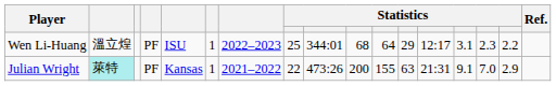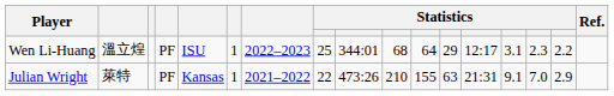 <table class="wikitable sortable" style="font-size:95%; text-align:right;">
 <tr>
 <th rowspan="2">Player</th>
 <th rowspan="2"></th>
 <th rowspan="2"></th>
 <th rowspan="2"></th>
 <th rowspan="2"></th>
 <th rowspan="2"></th>
 <th rowspan="2"></th>
 <th colspan="9">Statistics</th>
 <th rowspan="2">Ref.</th>
 </tr>
 <tr>
 <th></th>
 <th></th>
 <th></th>
 <th></th>
 <th></th>
 <th></th>
 <th></th>
 <th></th>
 <th></th>
 </tr>
 <tr>
 <td align="left">Wen Li-Huang</td>
 <td align="left">溫立煌</td>
 <td align="center"></td>
 <td align="center">PF</td>
 <td align="left"><a href='#'>ISU</a></td>
 <td align="center">1</td>
 <td align="center"><a href='#'>2022–2023</a></td>
 <td>25</td>
 <td>344:01</td>
 <td>68</td>
 <td>64</td>
 <td>29</td>
 <td>12:17</td>
 <td>3.1</td>
 <td>2.3</td>
 <td>2.2</td>
 <td align="center"></td>
 </tr>
 <tr>
 <td align="left"><a href='#'>Julian Wright</a></td>
-<td align="left" style="background: paleturquoise;">萊特</td>
+<td align="left">萊特</td>
 <td align="center"></td>
 <td align="center">PF</td>
 <td align="left"><a href='#'>Kansas</a></td>
 <td align="center">1</td>
 <td align="center"><a href='#'>2021–2022</a></td>
 <td>22</td>
 <td>473:26</td>
-<td>200</td>
+<td>210</td>
 <td>155</td>
 <td>63</td>
 <td>21:31</td>
 <td>9.1</td>
 <td>7.0</td>
 <td>2.9</td>
 <td align="center"></td>
 </tr>
 </table>
